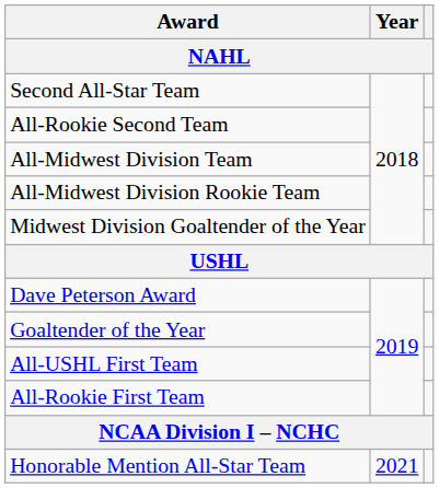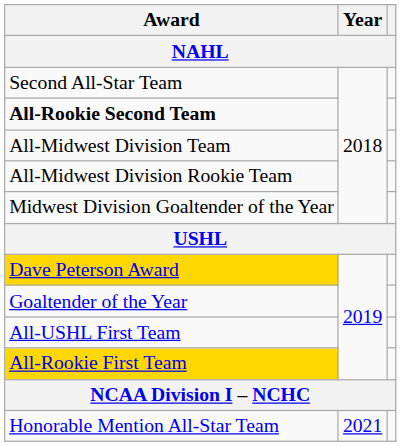 <table class="wikitable">
 <tr>
 <th>Award</th>
 <th>Year</th>
 <th></th>
 </tr>
 <tr>
 <th colspan="3"><a href='#'>NAHL</a></th>
 </tr>
 <tr>
 <td>Second All-Star Team</td>
 <td rowspan="5">2018</td>
 <td></td>
 </tr>
 <tr>
-<td>All-Rookie Second Team</td>
+<td><strong>All-Rookie Second Team</strong></td>
 <td></td>
 </tr>
 <tr>
 <td>All-Midwest Division Team</td>
 <td></td>
 </tr>
 <tr>
 <td>All-Midwest Division Rookie Team</td>
 <td></td>
 </tr>
 <tr>
 <td>Midwest Division Goaltender of the Year</td>
 <td></td>
 </tr>
 <tr>
 <th colspan="3"><a href='#'>USHL</a></th>
 </tr>
 <tr>
-<td><a href='#'>Dave Peterson Award</a></td>
+<td style="background: gold;"><a href='#'>Dave Peterson Award</a></td>
 <td rowspan="4"><a href='#'>2019</a></td>
 <td></td>
 </tr>
 <tr>
 <td><a href='#'>Goaltender of the Year</a></td>
 <td></td>
 </tr>
 <tr>
 <td><a href='#'>All-USHL First Team</a></td>
 <td></td>
 </tr>
 <tr>
-<td><a href='#'>All-Rookie First Team</a></td>
+<td style="background: gold;"><a href='#'>All-Rookie First Team</a></td>
 <td></td>
 </tr>
 <tr>
 <th colspan="3"><a href='#'>NCAA Division I</a> – <a href='#'>NCHC</a></th>
 </tr>
 <tr>
 <td><a href='#'>Honorable Mention All-Star Team</a></td>
 <td><a href='#'>2021</a></td>
 <td></td>
 </tr>
 </table>
